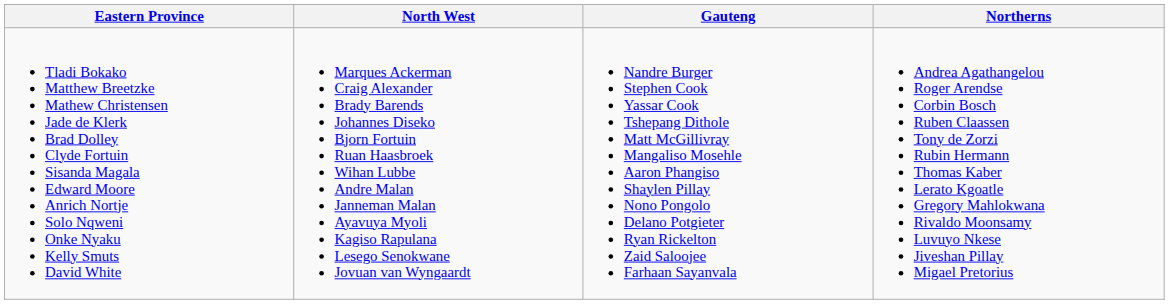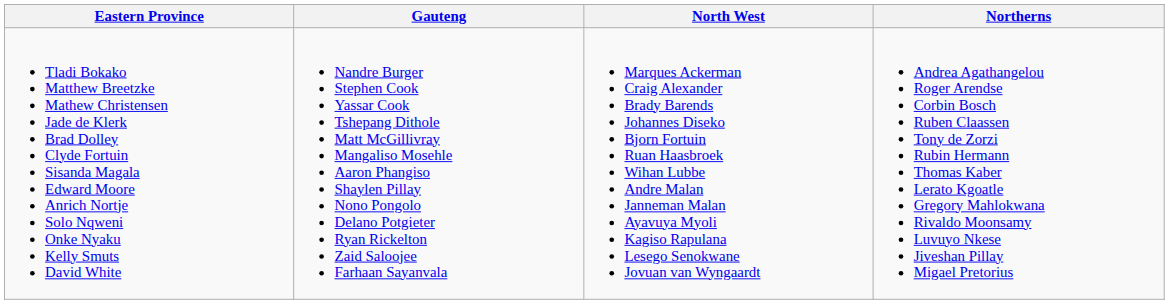 <table class="wikitable">
 <tr>
 <th width=330> <a href='#'>Eastern Province</a></th>
+<th width=330> <a href='#'>Gauteng</a></th>
 <th width=330> <a href='#'>North West</a></th>
-<th width=330> <a href='#'>Gauteng</a></th>
 <th width=330> <a href='#'>Northerns</a></th>
 </tr>
 <tr>
 <td valign=top><br><ul><li><a href='#'>Tladi Bokako</a></li><li><a href='#'>Matthew Breetzke</a></li><li><a href='#'>Mathew Christensen</a></li><li><a href='#'>Jade de Klerk</a></li><li><a href='#'>Brad Dolley</a></li><li><a href='#'>Clyde Fortuin</a></li><li><a href='#'>Sisanda Magala</a></li><li><a href='#'>Edward Moore</a></li><li><a href='#'>Anrich Nortje</a></li><li><a href='#'>Solo Nqweni</a></li><li><a href='#'>Onke Nyaku</a></li><li><a href='#'>Kelly Smuts</a></li><li><a href='#'>David White</a></li></ul></td>
+<td valign=top><br><ul><li><a href='#'>Nandre Burger</a></li><li><a href='#'>Stephen Cook</a></li><li><a href='#'>Yassar Cook</a></li><li><a href='#'>Tshepang Dithole</a></li><li><a href='#'>Matt McGillivray</a></li><li><a href='#'>Mangaliso Mosehle</a></li><li><a href='#'>Aaron Phangiso</a></li><li><a href='#'>Shaylen Pillay</a></li><li><a href='#'>Nono Pongolo</a></li><li><a href='#'>Delano Potgieter</a></li><li><a href='#'>Ryan Rickelton</a></li><li><a href='#'>Zaid Saloojee</a></li><li><a href='#'>Farhaan Sayanvala</a></li></ul></td>
 <td valign=top><br><ul><li><a href='#'>Marques Ackerman</a></li><li><a href='#'>Craig Alexander</a></li><li><a href='#'>Brady Barends</a></li><li><a href='#'>Johannes Diseko</a></li><li><a href='#'>Bjorn Fortuin</a></li><li><a href='#'>Ruan Haasbroek</a></li><li><a href='#'>Wihan Lubbe</a></li><li><a href='#'>Andre Malan</a></li><li><a href='#'>Janneman Malan</a></li><li><a href='#'>Ayavuya Myoli</a></li><li><a href='#'>Kagiso Rapulana</a></li><li><a href='#'>Lesego Senokwane</a></li><li><a href='#'>Jovuan van Wyngaardt</a></li></ul></td>
-<td valign=top><br><ul><li><a href='#'>Nandre Burger</a></li><li><a href='#'>Stephen Cook</a></li><li><a href='#'>Yassar Cook</a></li><li><a href='#'>Tshepang Dithole</a></li><li><a href='#'>Matt McGillivray</a></li><li><a href='#'>Mangaliso Mosehle</a></li><li><a href='#'>Aaron Phangiso</a></li><li><a href='#'>Shaylen Pillay</a></li><li><a href='#'>Nono Pongolo</a></li><li><a href='#'>Delano Potgieter</a></li><li><a href='#'>Ryan Rickelton</a></li><li><a href='#'>Zaid Saloojee</a></li><li><a href='#'>Farhaan Sayanvala</a></li></ul></td>
 <td valign=top><br><ul><li><a href='#'>Andrea Agathangelou</a></li><li><a href='#'>Roger Arendse</a></li><li><a href='#'>Corbin Bosch</a></li><li><a href='#'>Ruben Claassen</a></li><li><a href='#'>Tony de Zorzi</a></li><li><a href='#'>Rubin Hermann</a></li><li><a href='#'>Thomas Kaber</a></li><li><a href='#'>Lerato Kgoatle</a></li><li><a href='#'>Gregory Mahlokwana</a></li><li><a href='#'>Rivaldo Moonsamy</a></li><li><a href='#'>Luvuyo Nkese</a></li><li><a href='#'>Jiveshan Pillay</a></li><li><a href='#'>Migael Pretorius</a></li></ul></td>
 </tr>
 </table>
